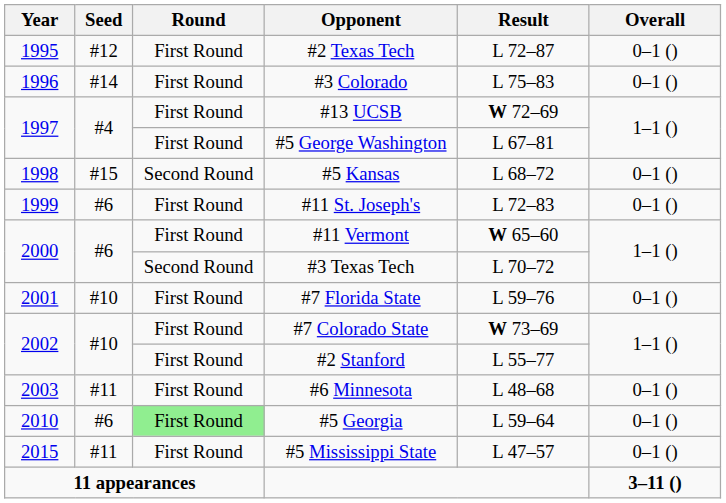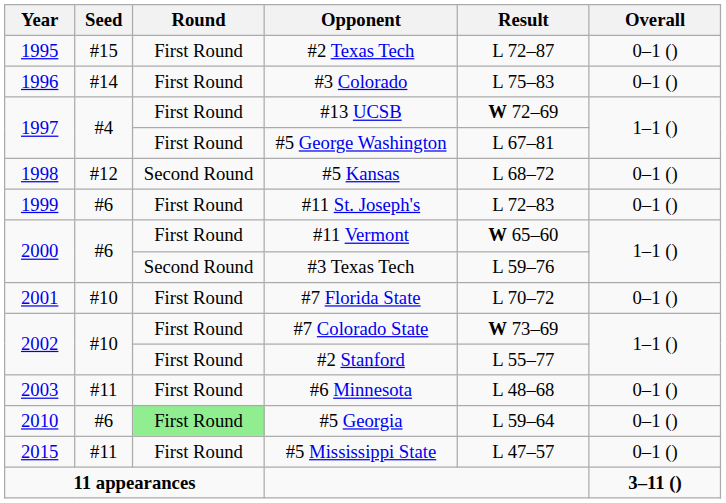 <table class="wikitable" style="font-size: 95%;">
 <tr>
 <th style="width: 50px; ">Year</th>
 <th style="width: 40px; ">Seed</th>
 <th style="width: 100px; ">Round</th>
 <th style="width: 150px; ">Opponent</th>
 <th style="width: 100px; ">Result</th>
 <th style="width: 100px; ">Overall</th>
 </tr>
 <tr align="center">
 <td><a href='#'>1995</a></td>
-<td>#12</td>
+<td>#15</td>
 <td>First Round</td>
 <td>#2 <a href='#'>Texas Tech</a></td>
 <td>L 72–87</td>
 <td>0–1 ()</td>
 </tr>
 <tr align="center">
 <td><a href='#'>1996</a></td>
 <td>#14</td>
 <td>First Round</td>
 <td>#3 <a href='#'>Colorado</a></td>
 <td>L 75–83</td>
 <td>0–1 ()</td>
 </tr>
 <tr align="center">
 <td rowspan="2"><a href='#'>1997</a></td>
 <td rowspan="2">#4</td>
 <td>First Round</td>
 <td>#13 <a href='#'>UCSB</a></td>
 <td><strong>W</strong> 72–69</td>
 <td rowspan="2">1–1 ()</td>
 </tr>
 <tr align="center">
 <td>First Round</td>
 <td>#5 <a href='#'>George Washington</a></td>
 <td>L 67–81</td>
 </tr>
 <tr align="center">
 <td><a href='#'>1998</a></td>
-<td>#15</td>
+<td>#12</td>
 <td>Second Round</td>
 <td>#5 <a href='#'>Kansas</a></td>
 <td>L 68–72</td>
 <td>0–1 ()</td>
 </tr>
 <tr align="center">
 <td><a href='#'>1999</a></td>
 <td>#6</td>
 <td>First Round</td>
 <td>#11 <a href='#'>St. Joseph's</a></td>
 <td>L 72–83</td>
 <td>0–1 ()</td>
 </tr>
 <tr align="center">
 <td rowspan="2"><a href='#'>2000</a></td>
 <td rowspan="2">#6</td>
 <td>First Round</td>
 <td>#11 <a href='#'>Vermont</a></td>
 <td><strong>W</strong> 65–60</td>
 <td rowspan="2">1–1 ()</td>
 </tr>
 <tr align="center">
 <td>Second Round</td>
 <td>#3 Texas Tech</td>
-<td>L 70–72</td>
+<td>L 59–76</td>
 </tr>
 <tr align="center">
 <td><a href='#'>2001</a></td>
 <td>#10</td>
 <td>First Round</td>
 <td>#7 <a href='#'>Florida State</a></td>
-<td>L 59–76</td>
+<td>L 70–72</td>
 <td>0–1 ()</td>
 </tr>
 <tr align="center">
 <td rowspan="2"><a href='#'>2002</a></td>
 <td rowspan="2">#10</td>
 <td>First Round</td>
 <td>#7 <a href='#'>Colorado State</a></td>
 <td><strong>W</strong> 73–69</td>
 <td rowspan="2">1–1 ()</td>
 </tr>
 <tr align="center">
 <td>First Round</td>
 <td>#2 <a href='#'>Stanford</a></td>
 <td>L 55–77</td>
 </tr>
 <tr align="center">
 <td><a href='#'>2003</a></td>
 <td>#11</td>
 <td>First Round</td>
 <td>#6 <a href='#'>Minnesota</a></td>
 <td>L 48–68</td>
 <td>0–1 ()</td>
 </tr>
 <tr align="center">
 <td><a href='#'>2010</a></td>
 <td>#6</td>
 <td style="background: lightgreen;">First Round</td>
 <td>#5 <a href='#'>Georgia</a></td>
 <td>L 59–64</td>
 <td>0–1 ()</td>
 </tr>
 <tr align="center">
 <td><a href='#'>2015</a></td>
 <td>#11</td>
 <td>First Round</td>
 <td>#5 <a href='#'>Mississippi State</a></td>
 <td>L 47–57</td>
 <td>0–1 ()</td>
 </tr>
 <tr align="center">
 <td colspan="3"><strong>11 appearances</strong></td>
 <td colspan="2"></td>
 <td><strong>3–11 ()</strong></td>
 </tr>
 </table>
